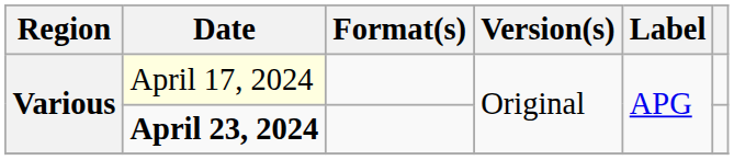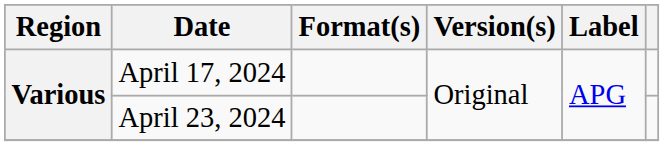 <table class="wikitable plainrowheaders">
 <tr>
 <th scope="col">Region</th>
 <th scope="col">Date</th>
 <th scope="col">Format(s)</th>
 <th scope="col">Version(s)</th>
 <th scope="col">Label</th>
 <th scope="col"></th>
 </tr>
 <tr>
 <th rowspan="2" scope="row">Various</th>
-<td style="background: lightyellow;">April 17, 2024</td>
+<td>April 17, 2024</td>
 <td></td>
 <td rowspan="2">Original</td>
 <td rowspan="2"><a href='#'>APG</a></td>
 <td style="text-align:center;"></td>
 </tr>
 <tr>
-<td><strong>April 23, 2024</strong></td>
+<td>April 23, 2024</td>
 <td></td>
 <td style="text-align:center;"></td>
 </tr>
 <tr>
 </tr>
 </table>
